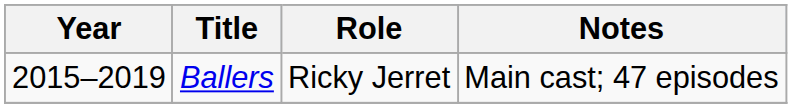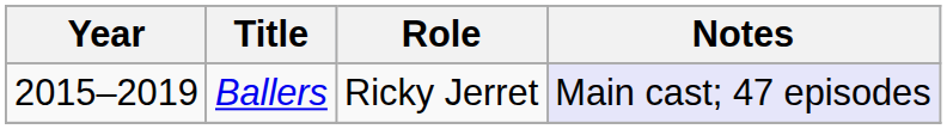 <table class="wikitable">
 <tr style="background:#b0c4de; text-align:center;">
 <th>Year</th>
 <th>Title</th>
 <th>Role</th>
 <th>Notes</th>
 </tr>
 <tr>
 <td>2015–2019</td>
 <td><em><a href='#'>Ballers</a></em></td>
 <td>Ricky Jerret</td>
-<td>Main cast; 47 episodes</td>
+<td style="background: lavender;">Main cast; 47 episodes</td>
 </tr>
 <tr>
 </tr>
 </table>
